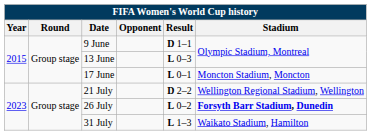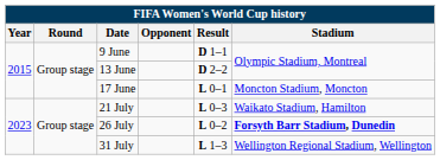 <table class="wikitable" style="text-align: center;font-size:100%;">
 <tr>
 <th colspan=6 style="background: #013A5E; color: #FFFFFF;">FIFA Women's World Cup history</th>
 </tr>
 <tr>
 <th>Year</th>
 <th>Round</th>
 <th>Date</th>
 <th>Opponent</th>
 <th>Result</th>
 <th>Stadium</th>
 </tr>
 <tr>
 <td rowspan=3> <a href='#'>2015</a></td>
 <td rowspan=3>Group stage</td>
 <td align="left">9 June</td>
 <td align="left"></td>
 <td><strong>D</strong> 1–1</td>
 <td rowspan=2 align="left"><a href='#'>Olympic Stadium, Montreal</a></td>
 </tr>
 <tr>
 <td align="left">13 June</td>
 <td align="left"></td>
-<td><strong>L</strong> 0–3</td>
+<td><strong>D</strong> 2–2</td>
 </tr>
 <tr>
 <td align="left">17 June</td>
 <td align="left"></td>
 <td><strong>L</strong> 0–1</td>
 <td align="left"><a href='#'>Moncton Stadium</a>, <a href='#'>Moncton</a></td>
 </tr>
 <tr>
 <td rowspan=3>  <a href='#'>2023</a></td>
 <td rowspan=3>Group stage</td>
 <td align="left">21 July</td>
 <td align="left"></td>
-<td><strong>D</strong> 2–2</td>
-<td align="left"><a href='#'>Wellington Regional Stadium</a>, <a href='#'>Wellington</a></td>
+<td><strong>L</strong> 0–3</td>
+<td align="left"><a href='#'>Waikato Stadium</a>, <a href='#'>Hamilton</a></td>
 </tr>
 <tr>
 <td align="left">26 July</td>
 <td align="left"></td>
 <td><strong>L</strong> 0–2</td>
 <td align="left"><strong><a href='#'>Forsyth Barr Stadium</a>, <a href='#'>Dunedin</a></strong></td>
 </tr>
 <tr>
 <td align="left">31 July</td>
 <td align="left"></td>
 <td><strong>L</strong> 1–3</td>
-<td align="left"><a href='#'>Waikato Stadium</a>, <a href='#'>Hamilton</a></td>
+<td align="left"><a href='#'>Wellington Regional Stadium</a>, <a href='#'>Wellington</a></td>
 </tr>
 </table>
